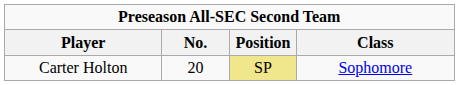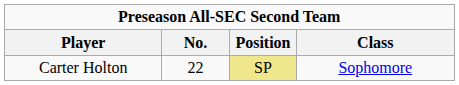 <table class="wikitable" style="text-align:center">
 <tr>
 <td colspan="5"><strong>Preseason All-SEC Second Team</strong></td>
 </tr>
 <tr>
 <th style="width:150px; ">Player</th>
 <th style="width:60px; ">No.</th>
 <th style="width:60px; ">Position</th>
 <th style="width:150px; ">Class</th>
 </tr>
 <tr>
 <td>Carter Holton</td>
-<td>20</td>
+<td>22</td>
 <td style="background: khaki;">SP</td>
 <td><a href='#'>Sophomore</a></td>
 </tr>
 <tr>
 </tr>
 </table>
